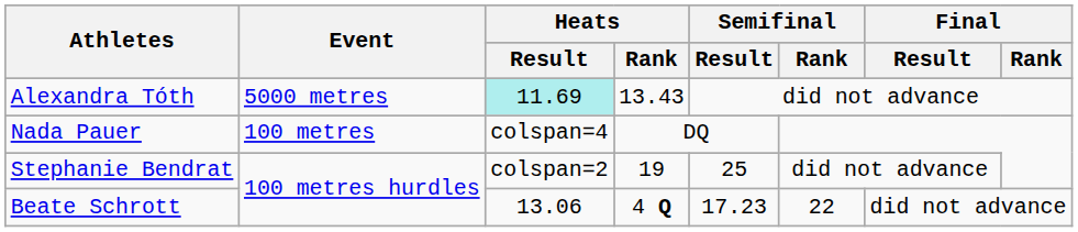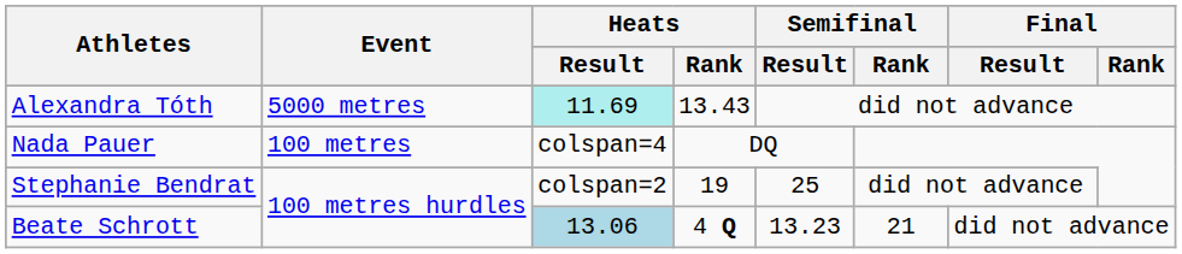 <table class="wikitable" border="1" style="font-size:90%">
 <tr>
 <th rowspan="2">Athletes</th>
 <th rowspan="2">Event</th>
 <th colspan="2">Heats</th>
 <th colspan="2">Semifinal</th>
 <th colspan="2">Final</th>
 </tr>
 <tr>
 <th>Result</th>
 <th>Rank</th>
 <th>Result</th>
 <th>Rank</th>
 <th>Result</th>
 <th>Rank</th>
 </tr>
 <tr>
 <td><a href='#'>Alexandra Tóth</a></td>
 <td><a href='#'>5000 metres</a></td>
 <td align=center style="background: paleturquoise;">11.69</td>
 <td align=center>13.43</td>
 <td align=center colspan=4>did not advance</td>
 </tr>
 <tr>
 <td><a href='#'>Nada Pauer</a></td>
 <td><a href='#'>100 metres</a></td>
 <td>colspan=4</td>
 <td align=center colspan=2>DQ</td>
 </tr>
 <tr>
 <td><a href='#'>Stephanie Bendrat</a></td>
 <td rowspan=2><a href='#'>100 metres hurdles</a></td>
 <td>colspan=2 </td>
 <td align=center>19</td>
 <td align=center>25</td>
 <td align=center colspan=2>did not advance</td>
 </tr>
 <tr>
 <td><a href='#'>Beate Schrott</a></td>
-<td align=center>13.06</td>
+<td align=center style="background: lightblue;">13.06</td>
 <td align=center>4 <strong>Q</strong></td>
-<td align=center>17.23</td>
-<td align=center>22</td>
+<td align=center>13.23</td>
+<td align=center>21</td>
 <td align=center colspan=2>did not advance</td>
 </tr>
 </table>
